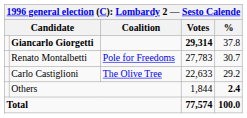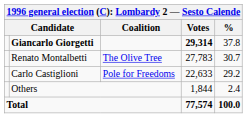 <table class=wikitable style=text-align:right>
 <tr>
 <th colspan=5><a href='#'>1996 general election</a> (<a href='#'>C</a>): <a href='#'>Lombardy</a> 2 — <a href='#'>Sesto Calende</a></th>
 </tr>
 <tr>
 <th colspan=2>Candidate</th>
 <th>Coalition</th>
 <th>Votes</th>
 <th>%</th>
 </tr>
 <tr>
 <td></td>
 <td align=left><strong>Giancarlo Giorgetti</strong></td>
 <td align=left></td>
 <td><strong>29,314</strong></td>
 <td>37.8</td>
 </tr>
 <tr>
 <td></td>
 <td align=left>Renato Montalbetti</td>
-<td align=left><a href='#'>Pole for Freedoms</a></td>
+<td align=left><a href='#'>The Olive Tree</a></td>
 <td>27,783</td>
 <td>30.7</td>
 </tr>
 <tr>
 <td></td>
 <td align=left>Carlo Castiglioni</td>
-<td align=left><a href='#'>The Olive Tree</a></td>
+<td align=left><a href='#'>Pole for Freedoms</a></td>
 <td>22,633</td>
 <td>29.2</td>
 </tr>
 <tr>
 <td></td>
 <td align=left colspan=2>Others</td>
 <td>1,844</td>
-<td><strong>2.4</strong></td>
+<td>2.4</td>
 </tr>
 <tr>
 <td align=left colspan=3><strong>Total</strong></td>
 <td><strong>77,574</strong></td>
 <td><strong>100.0</strong></td>
 </tr>
 </table>
